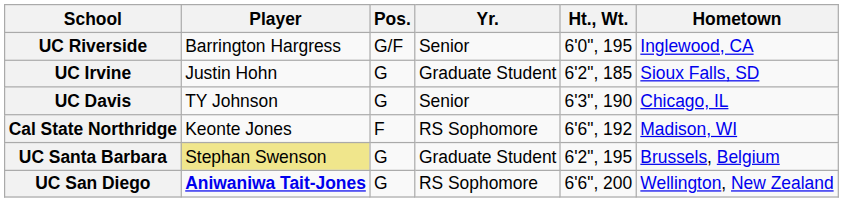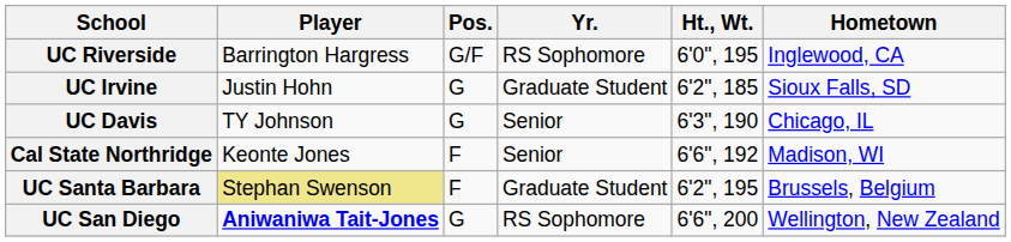 <table class="wikitable" style="white-space:nowrap; font-size:90%;">
 <tr>
 <th>School</th>
 <th>Player</th>
 <th>Pos.</th>
 <th>Yr.</th>
 <th>Ht., Wt.</th>
 <th>Hometown</th>
 </tr>
 <tr>
 <th>UC Riverside</th>
 <td>Barrington Hargress</td>
 <td>G/F</td>
-<td>Senior</td>
+<td>RS Sophomore</td>
 <td>6'0", 195</td>
 <td><a href='#'>Inglewood, CA</a></td>
 </tr>
 <tr>
 <th>UC Irvine</th>
 <td>Justin Hohn</td>
 <td>G</td>
 <td>Graduate Student</td>
 <td>6'2", 185</td>
 <td><a href='#'>Sioux Falls, SD</a></td>
 </tr>
 <tr>
 <th>UC Davis</th>
 <td>TY Johnson</td>
 <td>G</td>
 <td>Senior</td>
 <td>6'3", 190</td>
 <td><a href='#'>Chicago, IL</a></td>
 </tr>
 <tr>
 <th>Cal State Northridge</th>
 <td>Keonte Jones</td>
 <td>F</td>
-<td>RS Sophomore</td>
+<td>Senior</td>
 <td>6'6", 192</td>
 <td><a href='#'>Madison, WI</a></td>
 </tr>
 <tr>
 <th>UC Santa Barbara</th>
 <td style="background: khaki;">Stephan Swenson</td>
-<td>G</td>
+<td>F</td>
 <td>Graduate Student</td>
 <td>6'2", 195</td>
 <td><a href='#'>Brussels</a>, <a href='#'>Belgium</a></td>
 </tr>
 <tr>
 <th>UC San Diego</th>
 <td><strong><a href='#'>Aniwaniwa Tait-Jones</a></strong></td>
 <td>G</td>
 <td>RS Sophomore</td>
 <td>6'6", 200</td>
 <td><a href='#'>Wellington</a>, <a href='#'>New Zealand</a></td>
 </tr>
 </table>
